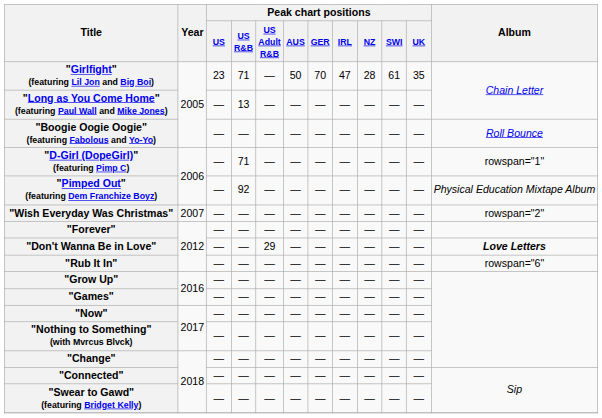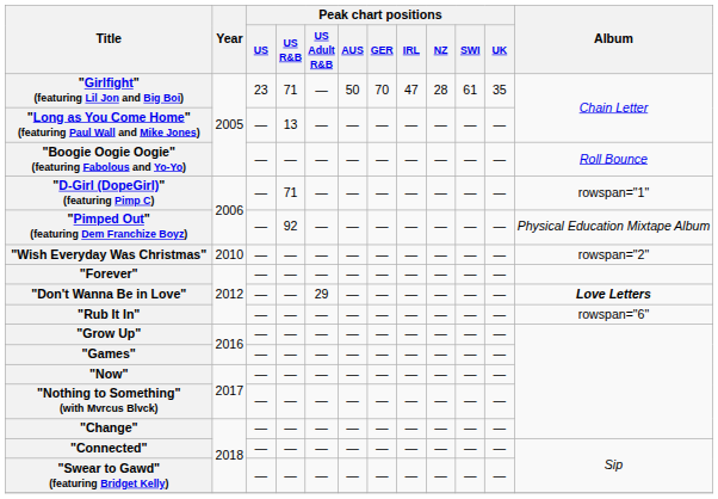 <table class="wikitable plainrowheaders" style="text-align:center;" border="1">
 <tr>
 <th scope="col" rowspan="2" style="width:16em;">Title</th>
 <th scope="col" rowspan="2">Year</th>
 <th scope="col" colspan="9">Peak chart positions</th>
 <th scope="col" rowspan="2">Album</th>
 </tr>
 <tr>
 <th align="center" valign="center" width="30"><small><a href='#'>US</a></small><br></th>
 <th align="center" valign="center" width="30"><small><a href='#'>US<br>R&B</a></small><br></th>
 <th align="center" valign="center" width="30"><small><a href='#'>US<br>Adult<br> R&B</a></small></th>
 <th align="center" valign="center" width="30"><small><a href='#'>AUS</a></small><br></th>
 <th align="center" valign="center" width="30"><small><a href='#'>GER</a></small><br></th>
 <th align="center" valign="center" width="30"><small><a href='#'>IRL</a></small><br></th>
 <th align="center" valign="center" width="30"><small><a href='#'>NZ</a></small><br></th>
 <th align="center" valign="center" width="30"><small><a href='#'>SWI</a></small><br></th>
 <th align="center" valign="center" width="30"><small><a href='#'>UK</a><br></small></th>
 </tr>
 <tr>
 <th scope="row">"<a href='#'>Girlfight</a>" <br><small>(featuring <a href='#'>Lil Jon</a> and <a href='#'>Big Boi</a>)</small></th>
 <td align="center" rowspan="3">2005</td>
 <td>23</td>
 <td>71</td>
 <td>—</td>
 <td>50</td>
 <td>70</td>
 <td>47</td>
 <td>28</td>
 <td>61</td>
 <td>35</td>
 <td rowspan="2"><em><a href='#'>Chain Letter</a></em></td>
 </tr>
 <tr>
 <th scope="row">"<a href='#'>Long as You Come Home</a>"<br><small>(featuring <a href='#'>Paul Wall</a> and <a href='#'>Mike Jones</a>)</small></th>
 <td>—</td>
 <td>13</td>
 <td>—</td>
 <td>—</td>
 <td>—</td>
 <td>—</td>
 <td>—</td>
 <td>—</td>
 <td>—</td>
 </tr>
 <tr>
 <th scope="row">"Boogie Oogie Oogie" <br><small>(featuring <a href='#'>Fabolous</a> and <a href='#'>Yo-Yo</a>)</small></th>
 <td>—</td>
 <td>—</td>
 <td>—</td>
 <td>—</td>
 <td>—</td>
 <td>—</td>
 <td>—</td>
 <td>—</td>
 <td>—</td>
 <td rowspan="1"><em><a href='#'>Roll Bounce</a></em></td>
 </tr>
 <tr>
 <th scope="row">"<a href='#'>D-Girl (DopeGirl)</a>" <br><small>(featuring <a href='#'>Pimp C</a>)</small></th>
 <td align="center" rowspan="2">2006</td>
 <td>—</td>
 <td>71</td>
 <td>—</td>
 <td>—</td>
 <td>—</td>
 <td>—</td>
 <td>—</td>
 <td>—</td>
 <td>—</td>
 <td>rowspan="1" </td>
 </tr>
 <tr>
 <th scope="row">"<a href='#'>Pimped Out</a>" <br><small>(featuring <a href='#'>Dem Franchize Boyz</a>)</small></th>
 <td>—</td>
 <td>92</td>
 <td>—</td>
 <td>—</td>
 <td>—</td>
 <td>—</td>
 <td>—</td>
 <td>—</td>
 <td>—</td>
 <td><em>Physical Education Mixtape Album</em></td>
 </tr>
 <tr>
 <th scope="row">"Wish Everyday Was Christmas"</th>
-<td>2007</td>
+<td>2010</td>
 <td>—</td>
 <td>—</td>
 <td>—</td>
 <td>—</td>
 <td>—</td>
 <td>—</td>
 <td>—</td>
 <td>—</td>
 <td>—</td>
 <td>rowspan="2" </td>
 </tr>
 <tr>
 <th scope="row">"Forever"</th>
 <td align="center" rowspan="3">2012</td>
 <td>—</td>
 <td>—</td>
 <td>—</td>
 <td>—</td>
 <td>—</td>
 <td>—</td>
 <td>—</td>
 <td>—</td>
 <td>—</td>
 </tr>
 <tr>
 <th scope="row">"Don't Wanna Be in Love"<br></th>
 <td>—</td>
 <td>—</td>
 <td>29</td>
 <td>—</td>
 <td>—</td>
 <td>—</td>
 <td>—</td>
 <td>—</td>
 <td>—</td>
 <td><strong><em>Love Letters</em></strong></td>
 </tr>
 <tr>
 <th scope="row">"Rub It In"</th>
 <td>—</td>
 <td>—</td>
 <td>—</td>
 <td>—</td>
 <td>—</td>
 <td>—</td>
 <td>—</td>
 <td>—</td>
 <td>—</td>
 <td>rowspan="6" </td>
 </tr>
 <tr>
 <th scope="row">"Grow Up"</th>
 <td align="center" rowspan="2">2016</td>
 <td>—</td>
 <td>—</td>
 <td>—</td>
 <td>—</td>
 <td>—</td>
 <td>—</td>
 <td>—</td>
 <td>—</td>
 <td>—</td>
 </tr>
 <tr>
 <th scope="row">"Games"</th>
 <td>—</td>
 <td>—</td>
 <td>—</td>
 <td>—</td>
 <td>—</td>
 <td>—</td>
 <td>—</td>
 <td>—</td>
 <td>—</td>
 </tr>
 <tr>
 <th scope="row">"Now"</th>
 <td align="center" rowspan="2">2017</td>
 <td>—</td>
 <td>—</td>
 <td>—</td>
 <td>—</td>
 <td>—</td>
 <td>—</td>
 <td>—</td>
 <td>—</td>
 <td>—</td>
 </tr>
 <tr>
 <th scope="row">"Nothing to Something" <br><small>(with Mvrcus Blvck)</small></th>
 <td>—</td>
 <td>—</td>
 <td>—</td>
 <td>—</td>
 <td>—</td>
 <td>—</td>
 <td>—</td>
 <td>—</td>
 <td>—</td>
 </tr>
 <tr>
 <th scope="row">"Change"</th>
 <td align="center" rowspan="3">2018</td>
 <td>—</td>
 <td>—</td>
 <td>—</td>
 <td>—</td>
 <td>—</td>
 <td>—</td>
 <td>—</td>
 <td>—</td>
 <td>—</td>
 </tr>
 <tr>
 <th scope="row">"Connected"</th>
 <td>—</td>
 <td>—</td>
 <td>—</td>
 <td>—</td>
 <td>—</td>
 <td>—</td>
 <td>—</td>
 <td>—</td>
 <td>—</td>
 <td rowspan="2"><em>Sip</em></td>
 </tr>
 <tr>
 <th scope="row">"Swear to Gawd" <br><small>(featuring <a href='#'>Bridget Kelly</a>)</small></th>
 <td>—</td>
 <td>—</td>
 <td>—</td>
 <td>—</td>
 <td>—</td>
 <td>—</td>
 <td>—</td>
 <td>—</td>
 <td>—</td>
 </tr>
 <tr>
 </tr>
 </table>
